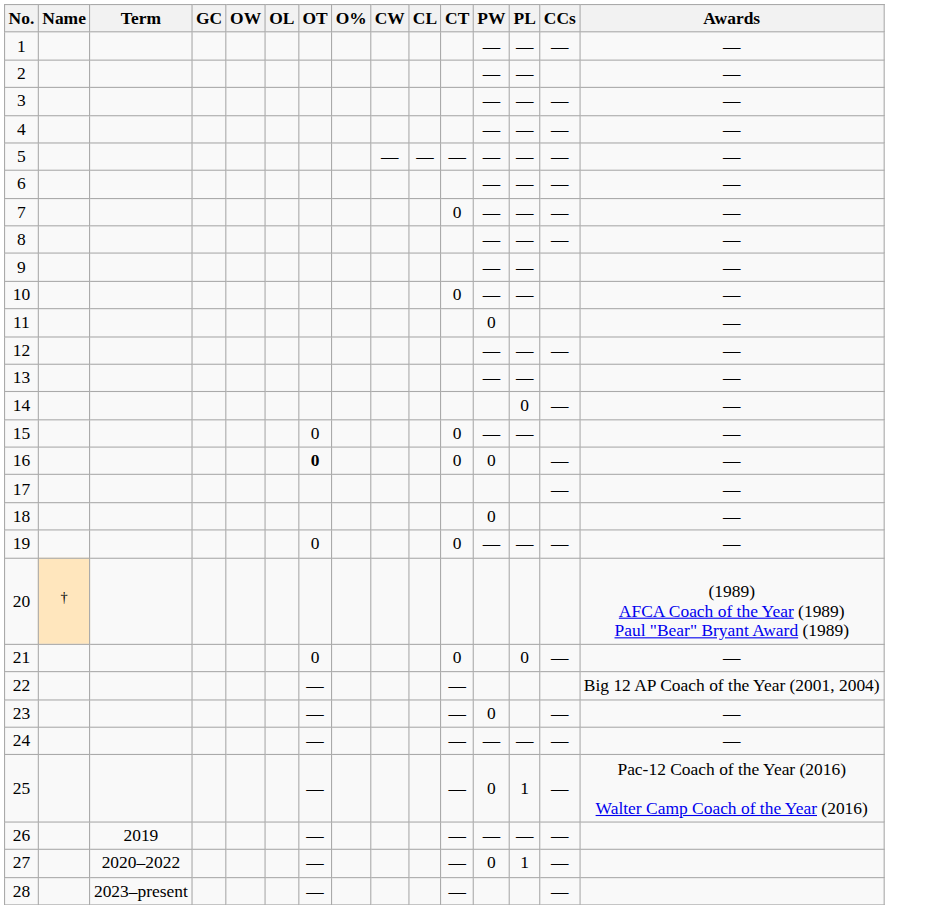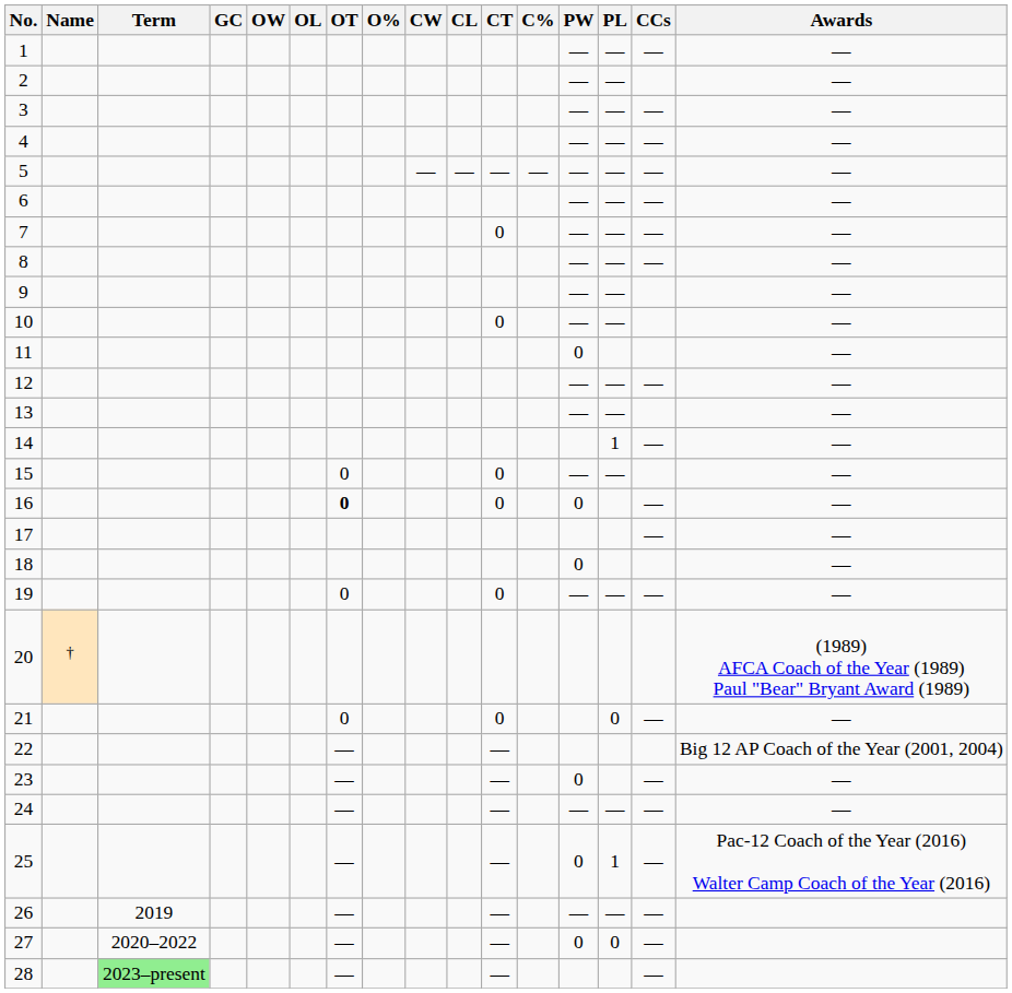 <table class="wikitable sortable" style="text-align:center;">
 <tr>
 <th>No.</th>
 <th>Name</th>
 <th>Term</th>
 <th>GC</th>
 <th>OW</th>
 <th>OL</th>
 <th>OT</th>
 <th>O%</th>
 <th>CW</th>
 <th>CL</th>
 <th>CT</th>
+<th>C%</th>
 <th>PW</th>
 <th>PL</th>
 <th>CCs</th>
 <th class="unsortable">Awards</th>
 </tr>
 <tr>
 <td>1</td>
+<td></td>
 <td></td>
 <td></td>
 <td></td>
 <td></td>
 <td></td>
 <td></td>
 <td></td>
 <td></td>
 <td></td>
 <td></td>
 <td>—</td>
 <td>—</td>
 <td>—</td>
 <td>—</td>
 </tr>
 <tr>
 <td>2</td>
 <td></td>
 <td></td>
 <td></td>
 <td></td>
 <td></td>
 <td></td>
 <td></td>
 <td></td>
 <td></td>
 <td></td>
+<td></td>
 <td>—</td>
 <td>—</td>
 <td></td>
 <td>—</td>
 </tr>
 <tr>
 <td>3</td>
 <td></td>
 <td></td>
 <td></td>
 <td></td>
 <td></td>
 <td></td>
 <td></td>
 <td></td>
 <td></td>
 <td></td>
+<td></td>
 <td>—</td>
 <td>—</td>
 <td>—</td>
 <td>—</td>
 </tr>
 <tr>
 <td>4</td>
+<td></td>
 <td></td>
 <td></td>
 <td></td>
 <td></td>
 <td></td>
 <td></td>
 <td></td>
 <td></td>
 <td></td>
 <td></td>
 <td>—</td>
 <td>—</td>
 <td>—</td>
 <td>—</td>
 </tr>
 <tr>
 <td>5</td>
 <td></td>
 <td></td>
 <td></td>
 <td></td>
 <td></td>
 <td></td>
 <td></td>
 <td>—</td>
 <td>—</td>
 <td>—</td>
 <td>—</td>
 <td>—</td>
 <td>—</td>
 <td>—</td>
+<td>—</td>
 </tr>
 <tr>
 <td>6</td>
+<td></td>
 <td></td>
 <td></td>
 <td></td>
 <td></td>
 <td></td>
 <td></td>
 <td></td>
 <td></td>
 <td></td>
 <td></td>
 <td>—</td>
 <td>—</td>
 <td>—</td>
 <td>—</td>
 </tr>
 <tr>
 <td>7</td>
 <td></td>
 <td></td>
 <td></td>
 <td></td>
 <td></td>
 <td></td>
 <td></td>
 <td></td>
 <td></td>
 <td>0</td>
+<td></td>
 <td>—</td>
 <td>—</td>
 <td>—</td>
 <td>—</td>
 </tr>
 <tr>
 <td>8</td>
+<td></td>
 <td></td>
 <td></td>
 <td></td>
 <td></td>
 <td></td>
 <td></td>
 <td></td>
 <td></td>
 <td></td>
 <td></td>
 <td>—</td>
 <td>—</td>
 <td>—</td>
 <td>—</td>
 </tr>
 <tr>
 <td>9</td>
 <td></td>
 <td></td>
 <td></td>
 <td></td>
 <td></td>
 <td></td>
 <td></td>
 <td></td>
 <td></td>
 <td></td>
+<td></td>
 <td>—</td>
 <td>—</td>
 <td></td>
 <td>—</td>
 </tr>
 <tr>
 <td>10</td>
 <td></td>
 <td></td>
 <td></td>
 <td></td>
 <td></td>
 <td></td>
 <td></td>
 <td></td>
 <td></td>
 <td>0</td>
+<td></td>
 <td>—</td>
 <td>—</td>
 <td></td>
 <td>—</td>
 </tr>
 <tr>
 <td>11</td>
+<td></td>
 <td></td>
 <td></td>
 <td></td>
 <td></td>
 <td></td>
 <td></td>
 <td></td>
 <td></td>
 <td></td>
 <td></td>
 <td>0</td>
 <td></td>
 <td></td>
 <td>—</td>
 </tr>
 <tr>
 <td>12</td>
 <td></td>
 <td></td>
 <td></td>
 <td></td>
 <td></td>
 <td></td>
 <td></td>
 <td></td>
 <td></td>
 <td></td>
+<td></td>
 <td>—</td>
 <td>—</td>
 <td>—</td>
 <td>—</td>
 </tr>
 <tr>
 <td>13</td>
+<td></td>
 <td></td>
 <td></td>
 <td></td>
 <td></td>
 <td></td>
 <td></td>
 <td></td>
 <td></td>
 <td></td>
 <td></td>
 <td>—</td>
 <td>—</td>
 <td></td>
 <td>—</td>
 </tr>
 <tr>
 <td>14</td>
 <td></td>
 <td></td>
 <td></td>
 <td></td>
 <td></td>
 <td></td>
 <td></td>
 <td></td>
 <td></td>
 <td></td>
 <td></td>
-<td>0</td>
+<td></td>
+<td>1</td>
 <td>—</td>
 <td>—</td>
 </tr>
 <tr>
 <td>15</td>
 <td></td>
 <td></td>
 <td></td>
 <td></td>
 <td></td>
 <td>0</td>
 <td></td>
 <td></td>
 <td></td>
 <td>0</td>
+<td></td>
 <td>—</td>
 <td>—</td>
 <td></td>
 <td>—</td>
 </tr>
 <tr>
 <td>16</td>
 <td></td>
 <td></td>
 <td></td>
 <td></td>
 <td></td>
 <td><strong>0</strong></td>
 <td></td>
 <td></td>
 <td></td>
 <td>0</td>
+<td></td>
 <td>0</td>
 <td></td>
 <td>—</td>
 <td>—</td>
 </tr>
 <tr>
 <td>17</td>
+<td></td>
 <td></td>
 <td></td>
 <td></td>
 <td></td>
 <td></td>
 <td></td>
 <td></td>
 <td></td>
 <td></td>
 <td></td>
 <td></td>
 <td></td>
 <td>—</td>
 <td>—</td>
 </tr>
 <tr>
 <td>18</td>
 <td></td>
 <td></td>
 <td></td>
 <td></td>
 <td></td>
 <td></td>
 <td></td>
 <td></td>
 <td></td>
 <td></td>
+<td></td>
 <td>0</td>
 <td></td>
 <td></td>
 <td>—</td>
 </tr>
 <tr>
 <td>19</td>
 <td></td>
 <td></td>
 <td></td>
 <td></td>
 <td></td>
 <td>0</td>
 <td></td>
 <td></td>
 <td></td>
 <td>0</td>
+<td></td>
 <td>—</td>
 <td>—</td>
 <td>—</td>
 <td>—</td>
 </tr>
 <tr>
 <td>20</td>
 <td align="center" bgcolor=#FFE6BD><sup>†</sup></td>
+<td></td>
 <td></td>
 <td></td>
 <td></td>
 <td></td>
 <td></td>
 <td></td>
 <td></td>
 <td></td>
 <td></td>
 <td></td>
 <td></td>
 <td></td>
 <td><br> (1989)<br> <a href='#'>AFCA Coach of the Year</a> (1989)<br> <a href='#'>Paul "Bear" Bryant Award</a> (1989)</td>
 </tr>
 <tr>
 <td>21</td>
 <td></td>
 <td></td>
 <td></td>
 <td></td>
 <td></td>
 <td>0</td>
 <td></td>
 <td></td>
 <td></td>
 <td>0</td>
 <td></td>
+<td></td>
 <td>0</td>
 <td>—</td>
 <td>—</td>
 </tr>
 <tr>
 <td>22</td>
 <td></td>
 <td></td>
 <td></td>
 <td></td>
 <td></td>
 <td>—</td>
 <td></td>
 <td></td>
 <td></td>
 <td>—</td>
 <td></td>
 <td></td>
 <td></td>
+<td></td>
 <td>Big 12 AP Coach of the Year (2001, 2004)</td>
 </tr>
 <tr>
 <td>23</td>
 <td></td>
 <td></td>
 <td></td>
 <td></td>
 <td></td>
 <td>—</td>
 <td></td>
 <td></td>
 <td></td>
 <td>—</td>
+<td></td>
 <td>0</td>
 <td></td>
 <td>—</td>
 <td>—</td>
 </tr>
 <tr>
 <td>24</td>
 <td></td>
 <td></td>
 <td></td>
 <td></td>
 <td></td>
 <td>—</td>
 <td></td>
 <td></td>
 <td></td>
 <td>—</td>
+<td></td>
 <td>—</td>
 <td>—</td>
 <td>—</td>
 <td>—</td>
 </tr>
 <tr>
 <td>25</td>
 <td></td>
 <td></td>
 <td></td>
 <td></td>
 <td></td>
 <td>—</td>
 <td></td>
 <td></td>
 <td></td>
 <td>—</td>
+<td></td>
 <td>0</td>
 <td>1</td>
 <td>—</td>
 <td>Pac-12 Coach of the Year (2016)<br><br><a href='#'>Walter Camp Coach of the Year</a> (2016)</td>
 </tr>
 <tr>
 <td>26</td>
 <td></td>
 <td>2019</td>
 <td></td>
 <td></td>
 <td></td>
 <td>—</td>
 <td></td>
 <td></td>
 <td></td>
 <td>—</td>
+<td></td>
 <td>—</td>
 <td>—</td>
 <td>—</td>
 <td></td>
 </tr>
 <tr>
 <td>27</td>
 <td></td>
 <td>2020–2022</td>
 <td></td>
 <td></td>
 <td></td>
 <td>—</td>
 <td></td>
 <td></td>
 <td></td>
 <td>—</td>
+<td></td>
 <td>0</td>
-<td>1</td>
+<td>0</td>
 <td>—</td>
 <td></td>
 </tr>
 <tr>
 <td>28</td>
 <td></td>
-<td>2023–present</td>
+<td style="background: lightgreen;">2023–present</td>
 <td></td>
 <td></td>
 <td></td>
 <td>—</td>
 <td></td>
 <td></td>
 <td></td>
 <td>—</td>
 <td></td>
 <td></td>
+<td></td>
 <td>—</td>
 <td></td>
 </tr>
 </table>
